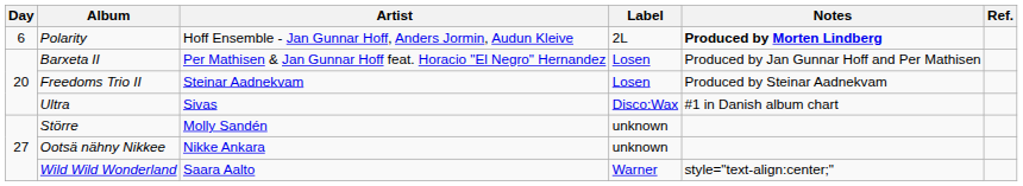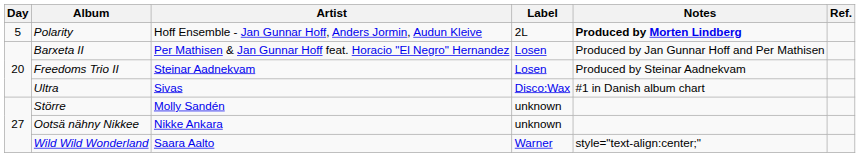 <table class="wikitable">
 <tr>
 <th>Day</th>
 <th>Album</th>
 <th>Artist</th>
 <th>Label</th>
 <th>Notes</th>
 <th>Ref.</th>
 </tr>
 <tr>
-<td rowspan="1" style="text-align:center;">6</td>
+<td rowspan="1" style="text-align:center;">5</td>
 <td><em>Polarity</em></td>
 <td>Hoff Ensemble - <a href='#'>Jan Gunnar Hoff</a>, <a href='#'>Anders Jormin</a>, <a href='#'>Audun Kleive</a></td>
 <td>2L</td>
 <td><strong>Produced by <a href='#'>Morten Lindberg</a></strong></td>
 <td style="text-align:center;"></td>
 </tr>
 <tr>
 <td rowspan="3" style="text-align:center;">20</td>
 <td><em>Barxeta II</em></td>
 <td><a href='#'>Per Mathisen</a> & <a href='#'>Jan Gunnar Hoff</a> feat. <a href='#'>Horacio "El Negro" Hernandez</a></td>
 <td><a href='#'>Losen</a></td>
 <td>Produced by Jan Gunnar Hoff and Per Mathisen</td>
 <td style="text-align:center;"></td>
 </tr>
 <tr>
 <td><em>Freedoms Trio II</em></td>
 <td><a href='#'>Steinar Aadnekvam</a></td>
 <td><a href='#'>Losen</a></td>
 <td>Produced by Steinar Aadnekvam</td>
 <td style="text-align:center;"></td>
 </tr>
 <tr>
 <td><em>Ultra</em></td>
 <td><a href='#'>Sivas</a></td>
 <td><a href='#'>Disco:Wax</a></td>
 <td>#1 in Danish album chart</td>
 <td style="text-align:center;"></td>
 </tr>
 <tr>
 <td rowspan="3" style="text-align:center;">27</td>
 <td><em>Större</em></td>
 <td><a href='#'>Molly Sandén</a></td>
 <td>unknown</td>
 <td></td>
 <td style="text-align:center;"></td>
 </tr>
 <tr>
 <td><em>Ootsä nähny Nikkee</em></td>
 <td><a href='#'>Nikke Ankara</a></td>
 <td>unknown</td>
 <td></td>
 <td style="text-align:center;"></td>
 </tr>
 <tr>
 <td><em><a href='#'>Wild Wild Wonderland</a></em></td>
 <td><a href='#'>Saara Aalto</a></td>
 <td><a href='#'>Warner</a></td>
 <td>style="text-align:center;"</td>
 </tr>
 </table>
